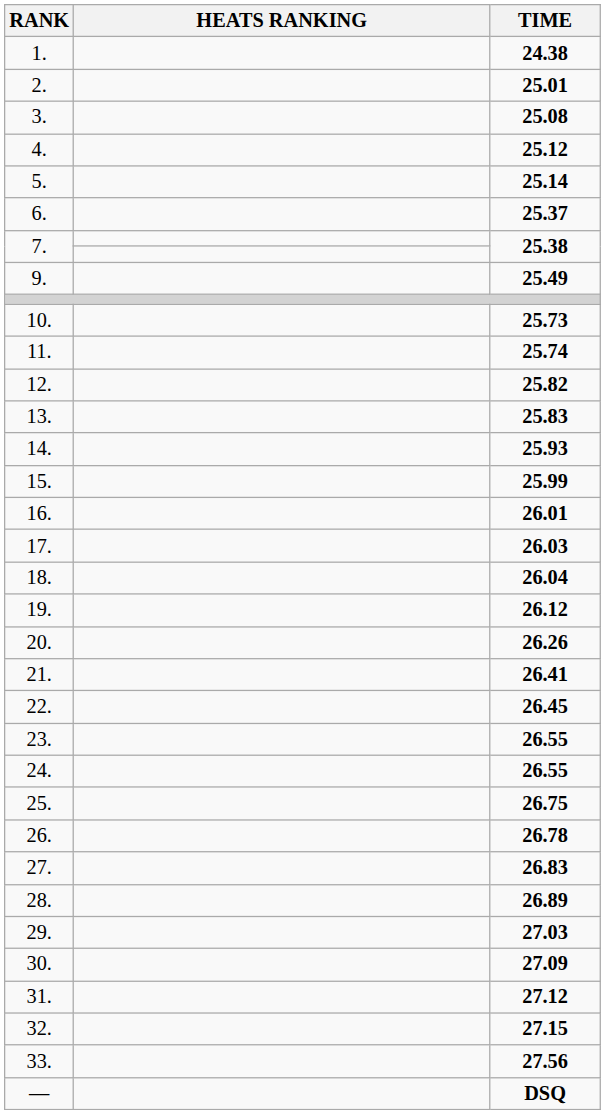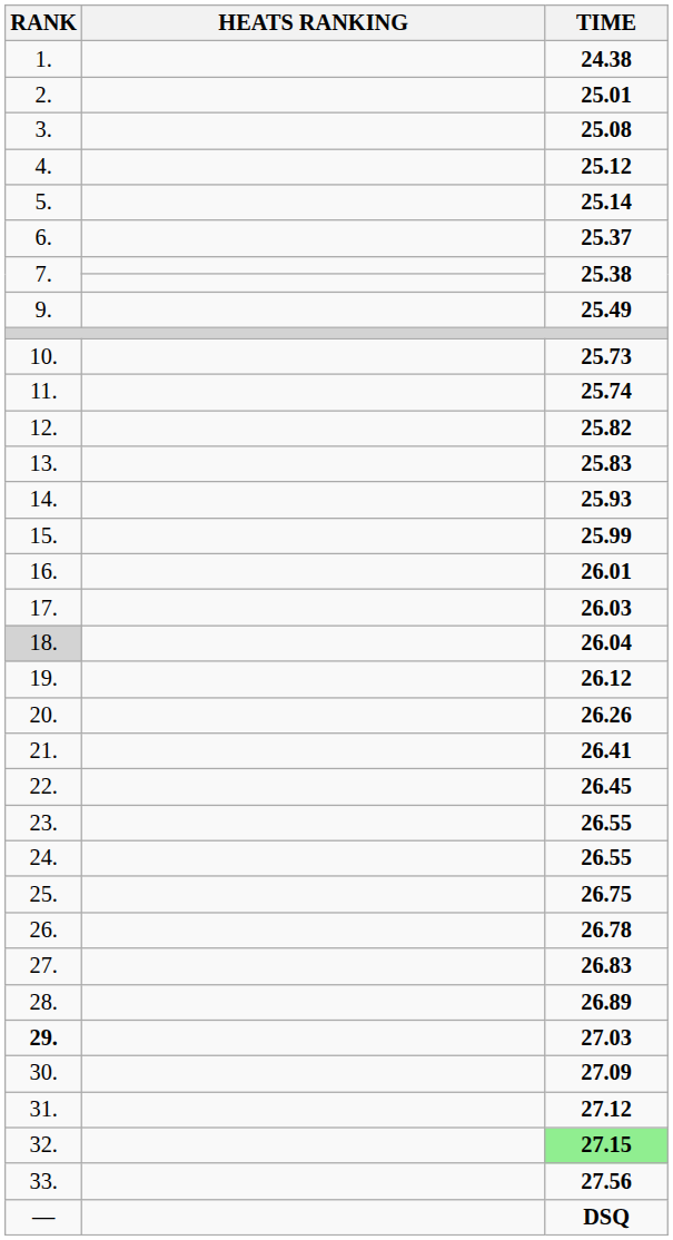 <table class="wikitable">
 <tr>
 <th>RANK</th>
 <th style="width: 20em">HEATS RANKING</th>
 <th style="width: 5em">TIME</th>
 </tr>
 <tr>
 <td align="center">1.</td>
 <td></td>
 <td align="center"><strong>24.38 </strong></td>
 </tr>
 <tr>
 <td align="center">2.</td>
 <td> </td>
 <td align="center"><strong>25.01 </strong></td>
 </tr>
 <tr>
 <td align="center">3.</td>
 <td></td>
 <td align="center"><strong>25.08 </strong></td>
 </tr>
 <tr>
 <td align="center">4.</td>
 <td></td>
 <td align="center"><strong>25.12 </strong></td>
 </tr>
 <tr>
 <td align="center">5.</td>
 <td></td>
 <td align="center"><strong>25.14 </strong></td>
 </tr>
 <tr>
 <td align="center">6.</td>
 <td></td>
 <td align="center"><strong>25.37 </strong></td>
 </tr>
 <tr>
 <td rowspan=2 align="center">7.</td>
 <td></td>
 <td rowspan=2 align="center"><strong>25.38</strong></td>
 </tr>
 <tr>
 <td></td>
 </tr>
 <tr>
 <td align="center">9.</td>
 <td></td>
 <td align="center"><strong>25.49 </strong></td>
 </tr>
 <tr>
 <td colspan=3 bgcolor=lightgray></td>
 </tr>
 <tr>
 <td align="center">10.</td>
 <td></td>
 <td align="center"><strong>25.73 </strong></td>
 </tr>
 <tr>
 <td align="center">11.</td>
 <td></td>
 <td align="center"><strong>25.74 </strong></td>
 </tr>
 <tr>
 <td align="center">12.</td>
 <td></td>
 <td align="center"><strong>25.82 </strong></td>
 </tr>
 <tr>
 <td align="center">13.</td>
 <td></td>
 <td align="center"><strong>25.83 </strong></td>
 </tr>
 <tr>
 <td align="center">14.</td>
 <td></td>
 <td align="center"><strong>25.93 </strong></td>
 </tr>
 <tr>
 <td align="center">15.</td>
 <td></td>
 <td align="center"><strong>25.99 </strong></td>
 </tr>
 <tr>
 <td align="center">16.</td>
 <td></td>
 <td align="center"><strong>26.01 </strong></td>
 </tr>
 <tr>
 <td align="center">17.</td>
 <td></td>
 <td align="center"><strong>26.03 </strong></td>
 </tr>
 <tr>
-<td align="center">18.</td>
+<td align="center" style="background: lightgrey;">18.</td>
 <td></td>
 <td align="center"><strong>26.04 </strong></td>
 </tr>
 <tr>
 <td align="center">19.</td>
 <td></td>
 <td align="center"><strong>26.12 </strong></td>
 </tr>
 <tr>
 <td align="center">20.</td>
 <td></td>
 <td align="center"><strong>26.26 </strong></td>
 </tr>
 <tr>
 <td align="center">21.</td>
 <td></td>
 <td align="center"><strong>26.41 </strong></td>
 </tr>
 <tr>
 <td align="center">22.</td>
 <td></td>
 <td align="center"><strong>26.45 </strong></td>
 </tr>
 <tr>
 <td align="center">23.</td>
 <td></td>
 <td align="center"><strong>26.55 </strong></td>
 </tr>
 <tr>
 <td align="center">24.</td>
 <td></td>
 <td align="center"><strong>26.55 </strong></td>
 </tr>
 <tr>
 <td align="center">25.</td>
 <td></td>
 <td align="center"><strong>26.75 </strong></td>
 </tr>
 <tr>
 <td align="center">26.</td>
 <td></td>
 <td align="center"><strong>26.78 </strong></td>
 </tr>
 <tr>
 <td align="center">27.</td>
 <td></td>
 <td align="center"><strong>26.83 </strong></td>
 </tr>
 <tr>
 <td align="center">28.</td>
 <td></td>
 <td align="center"><strong>26.89 </strong></td>
 </tr>
 <tr>
-<td align="center">29.</td>
+<td align="center"><strong>29.</strong></td>
 <td></td>
 <td align="center"><strong>27.03 </strong></td>
 </tr>
 <tr>
 <td align="center">30.</td>
 <td></td>
 <td align="center"><strong>27.09 </strong></td>
 </tr>
 <tr>
 <td align="center">31.</td>
 <td></td>
 <td align="center"><strong>27.12 </strong></td>
 </tr>
 <tr>
 <td align="center">32.</td>
 <td></td>
-<td align="center"><strong>27.15 </strong></td>
+<td align="center" style="background: lightgreen;"><strong>27.15 </strong></td>
 </tr>
 <tr>
 <td align="center">33.</td>
 <td></td>
 <td align="center"><strong>27.56 </strong></td>
 </tr>
 <tr>
 <td align="center">—</td>
 <td></td>
 <td align="center"><strong>DSQ  </strong></td>
 </tr>
 </table>
